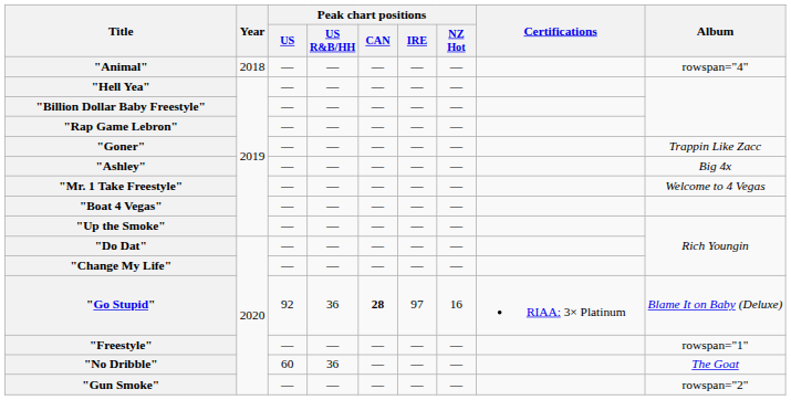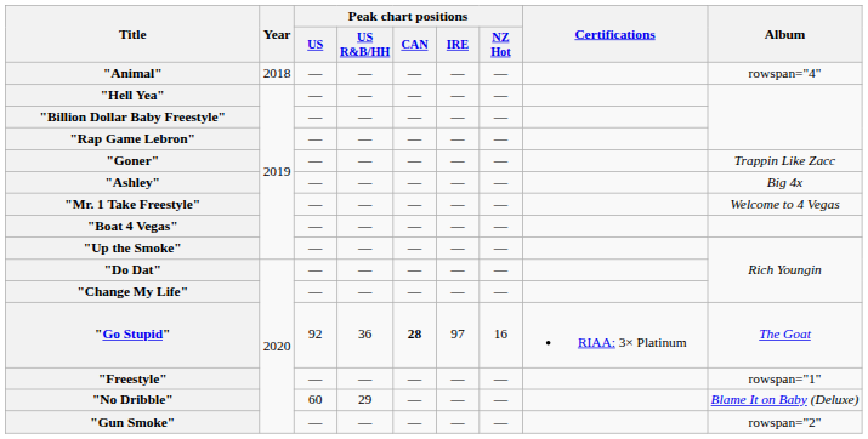 <table class="wikitable plainrowheaders" style="text-align:center;">
 <tr>
 <th scope="col" rowspan="2" style="width:18em;">Title</th>
 <th scope="col" rowspan="2">Year</th>
 <th colspan="5">Peak chart positions</th>
 <th rowspan="2" scope="col" style="width:13em;"><a href='#'>Certifications</a></th>
 <th scope="col" rowspan="2">Album</th>
 </tr>
 <tr what ut do>
 <th scope="col" style="width:3em;font-size:90%;"><a href='#'>US</a><br></th>
 <th scope="col" style="width:3em;font-size:90%;"><a href='#'>US<br>R&B/HH</a><br></th>
 <th scope="col" style="width:3em;font-size:90%;"><a href='#'>CAN</a><br></th>
 <th scope="col" style="width:3em;font-size:90%;"><a href='#'>IRE</a><br></th>
 <th scope="col" style="width:3em;font-size:90%;"><a href='#'>NZ</a><br><a href='#'>Hot</a><br></th>
 </tr>
 <tr>
 <th scope="row">"Animal"<br></th>
 <td>2018</td>
 <td>—</td>
 <td>—</td>
 <td>—</td>
 <td>—</td>
 <td —>—</td>
 <td></td>
 <td>rowspan="4" </td>
 </tr>
 <tr>
 <th scope="row">"Hell Yea"</th>
 <td rowspan="8">2019</td>
 <td>—</td>
 <td>—</td>
 <td>—</td>
 <td>—</td>
 <td —>—</td>
 <td></td>
 </tr>
 <tr>
 <th scope="row">"Billion Dollar Baby Freestyle"<br></th>
 <td>—</td>
 <td>—</td>
 <td>—</td>
 <td>—</td>
 <td —>—</td>
 <td></td>
 </tr>
 <tr>
 <th scope="row">"Rap Game Lebron"</th>
 <td>—</td>
 <td>—</td>
 <td>—</td>
 <td>—</td>
 <td —>—</td>
 <td></td>
 </tr>
 <tr>
 <th scope="row">"Goner"<br></th>
 <td>—</td>
 <td>—</td>
 <td>—</td>
 <td>—</td>
 <td>—</td>
 <td></td>
 <td style="text-align:center;"><em>Trappin Like Zacc</em></td>
 </tr>
 <tr>
 <th scope="row">"Ashley"<br></th>
 <td>—</td>
 <td>—</td>
 <td>—</td>
 <td>—</td>
 <td>—</td>
 <td></td>
 <td style="text-align:center;"><em>Big 4x</em></td>
 </tr>
 <tr>
 <th scope="row">"Mr. 1 Take Freestyle"<br></th>
 <td>—</td>
 <td>—</td>
 <td>—</td>
 <td>—</td>
 <td —>—</td>
 <td></td>
 <td><em>Welcome to 4 Vegas</em></td>
 </tr>
 <tr>
 <th scope="row">"Boat 4 Vegas"<br></th>
 <td>—</td>
 <td>—</td>
 <td>—</td>
 <td>—</td>
 <td>—</td>
 <td></td>
 </tr>
 <tr>
 <th scope="row">"Up the Smoke"<br></th>
 <td>—</td>
 <td>—</td>
 <td>—</td>
 <td>—</td>
 <td>—</td>
 <td></td>
 <td rowspan="3"><em>Rich Youngin</em></td>
 </tr>
 <tr>
 <th scope="row">"Do Dat"<br></th>
 <td rowspan="6">2020</td>
 <td>—</td>
 <td>—</td>
 <td>—</td>
 <td>—</td>
 <td>—</td>
 <td></td>
 </tr>
 <tr>
 <th scope="row">"Change My Life"<br></th>
 <td>—</td>
 <td>—</td>
 <td>—</td>
 <td>—</td>
 <td>—</td>
 <td></td>
 </tr>
 <tr>
 <th scope="row">"<a href='#'>Go Stupid</a>"<br></th>
 <td>92</td>
 <td>36</td>
 <td><strong>28</strong></td>
 <td>97</td>
 <td 16>16</td>
 <td><br><ul><li><a href='#'>RIAA:</a> 3× Platinum</li></ul></td>
-<td><em><a href='#'>Blame It on Baby</a> (Deluxe)</em></td>
+<td><em><a href='#'>The Goat</a></em></td>
 </tr>
 <tr>
 <th scope="row">"Freestyle"</th>
 <td>—</td>
 <td>—</td>
 <td>—</td>
 <td>—</td>
 <td>—</td>
 <td></td>
 <td>rowspan="1" </td>
 </tr>
 <tr>
 <th scope="row">"No Dribble"<br></th>
 <td>60</td>
-<td>36</td>
+<td>29</td>
 <td>—</td>
 <td>—</td>
 <td>—</td>
 <td></td>
-<td><em><a href='#'>The Goat</a></em></td>
+<td><em><a href='#'>Blame It on Baby</a> (Deluxe)</em></td>
 </tr>
 <tr>
 <th scope="row">"Gun Smoke"</th>
 <td>—</td>
 <td>—</td>
 <td>—</td>
 <td>—</td>
 <td>—</td>
 <td></td>
 <td>rowspan="2" </td>
 </tr>
 </table>
